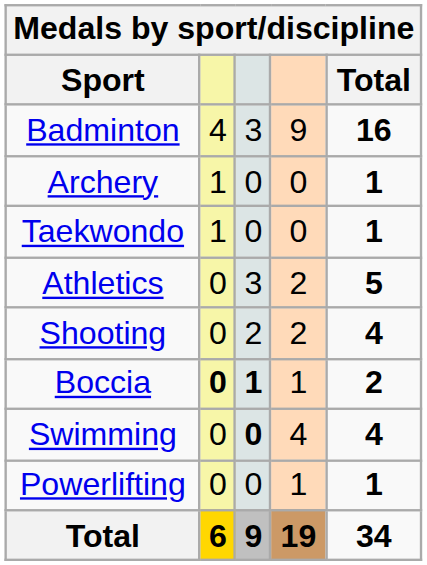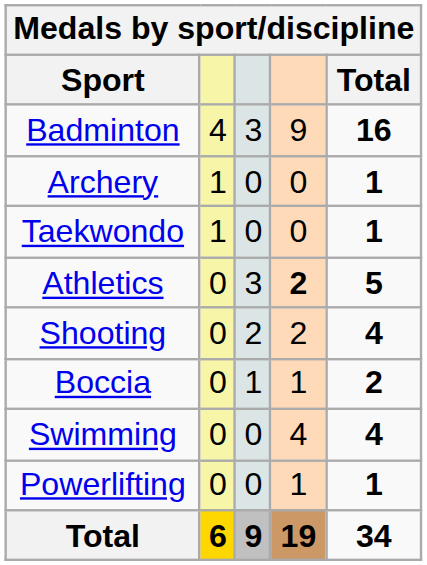 <table class="wikitable" style=font-size:85%;float:right;text-align:center>
 <tr>
 <th colspan=5>Medals by sport/discipline</th>
 </tr>
 <tr>
 <th>Sport</th>
 <td bgcolor=F7F6A8></td>
 <td bgcolor=DCE5E5></td>
 <td bgcolor=FFDAB9></td>
 <th>Total</th>
 </tr>
 <tr align=center>
 <td><a href='#'>Badminton</a></td>
 <td style="background:#F7F6A8;">4</td>
 <td style="background:#DCE5E5;">3</td>
 <td style="background:#FFDAB9;">9</td>
 <td><strong>16</strong></td>
 </tr>
 <tr align=center>
 <td><a href='#'>Archery</a></td>
 <td style="background:#F7F6A8;">1</td>
 <td style="background:#DCE5E5;">0</td>
 <td style="background:#FFDAB9;">0</td>
 <td><strong>1</strong></td>
 </tr>
 <tr align=center>
 <td><a href='#'>Taekwondo</a></td>
 <td style="background:#F7F6A8;">1</td>
 <td style="background:#DCE5E5;">0</td>
 <td style="background:#FFDAB9;">0</td>
 <td><strong>1</strong></td>
 </tr>
 <tr align=center>
 <td><a href='#'>Athletics</a></td>
 <td style="background:#F7F6A8;">0</td>
 <td style="background:#DCE5E5;">3</td>
-<td style="background:#FFDAB9;">2</td>
+<td style="background:#FFDAB9;"><strong>2</strong></td>
 <td><strong>5</strong></td>
 </tr>
 <tr align=center>
 <td><a href='#'>Shooting</a></td>
 <td style="background:#F7F6A8;">0</td>
 <td style="background:#DCE5E5;">2</td>
 <td style="background:#FFDAB9;">2</td>
 <td><strong>4</strong></td>
 </tr>
 <tr align=center>
 <td><a href='#'>Boccia</a></td>
-<td style="background:#F7F6A8;"><strong>0</strong></td>
-<td style="background:#DCE5E5;"><strong>1</strong></td>
+<td style="background:#F7F6A8;">0</td>
+<td style="background:#DCE5E5;">1</td>
 <td style="background:#FFDAB9;">1</td>
 <td><strong>2</strong></td>
 </tr>
 <tr align=center>
 <td><a href='#'>Swimming</a></td>
 <td style="background:#F7F6A8;">0</td>
-<td style="background:#DCE5E5;"><strong>0</strong></td>
+<td style="background:#DCE5E5;">0</td>
 <td style="background:#FFDAB9;">4</td>
 <td><strong>4</strong></td>
 </tr>
 <tr align=center>
 <td><a href='#'>Powerlifting</a></td>
 <td style="background:#F7F6A8;">0</td>
 <td style="background:#DCE5E5;">0</td>
 <td style="background:#FFDAB9;">1</td>
 <td><strong>1</strong></td>
 </tr>
 <tr align=center>
 <th><strong>Total</strong></th>
 <th style="background:gold;"><strong>6</strong></th>
 <th style="background:silver;"><strong>9</strong></th>
 <th style="background:#c96;"><strong>19</strong></th>
 <td><strong>34</strong></td>
 </tr>
 </table>
